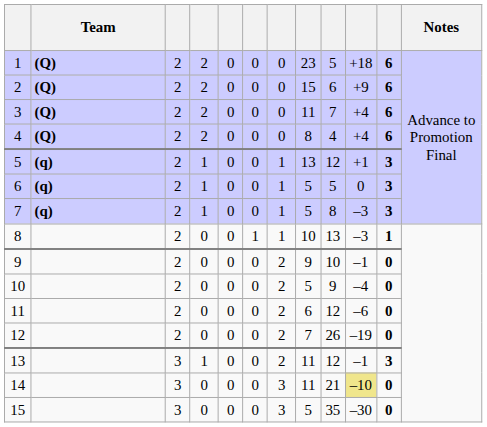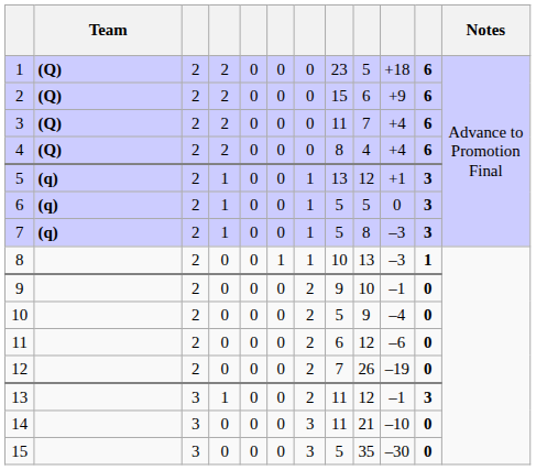 <table class="wikitable" style="text-align: center; font-size: 95%;">
 <tr>
 <th height=40 width="20"></th>
 <th width="130">Team</th>
 <th width="18"></th>
 <th width="22"></th>
 <th width="18"></th>
 <th width="18"></th>
 <th width="22"></th>
 <th width="18"></th>
 <th width="18"></th>
 <th width="25"></th>
 <th width="18"></th>
 <th width="75">Notes</th>
 </tr>
 <tr style="background-color: #ccccff">
 <td>1</td>
 <td align=left> <strong>(Q)</strong> </td>
 <td>2</td>
 <td>2</td>
 <td>0</td>
 <td>0</td>
 <td>0</td>
 <td>23</td>
 <td>5</td>
 <td>+18</td>
 <td><strong>6</strong></td>
 <td rowspan="7">Advance to<br>Promotion Final</td>
 </tr>
 <tr style="background-color: #ccccff">
 <td>2</td>
 <td align=left> <strong>(Q)</strong> </td>
 <td>2</td>
 <td>2</td>
 <td>0</td>
 <td>0</td>
 <td>0</td>
 <td>15</td>
 <td>6</td>
 <td>+9</td>
 <td><strong>6</strong></td>
 </tr>
 <tr style="background-color: #ccccff">
 <td>3</td>
 <td align=left> <strong>(Q)</strong> </td>
 <td>2</td>
 <td>2</td>
 <td>0</td>
 <td>0</td>
 <td>0</td>
 <td>11</td>
 <td>7</td>
 <td>+4</td>
 <td><strong>6</strong></td>
 </tr>
 <tr style="background-color: #ccccff; border-bottom: 2px solid grey">
 <td>4</td>
 <td align=left> <strong>(Q)</strong> </td>
 <td>2</td>
 <td>2</td>
 <td>0</td>
 <td>0</td>
 <td>0</td>
 <td>8</td>
 <td>4</td>
 <td>+4</td>
 <td><strong>6</strong></td>
 </tr>
 <tr style="background-color: #ccccff">
 <td>5</td>
 <td align=left> <strong>(q)</strong> </td>
 <td>2</td>
 <td>1</td>
 <td>0</td>
 <td>0</td>
 <td>1</td>
 <td>13</td>
 <td>12</td>
 <td>+1</td>
 <td><strong>3</strong></td>
 </tr>
 <tr style="background-color: #ccccff">
 <td>6</td>
 <td align=left> <strong>(q)</strong> </td>
 <td>2</td>
 <td>1</td>
 <td>0</td>
 <td>0</td>
 <td>1</td>
 <td>5</td>
 <td>5</td>
 <td>0</td>
 <td><strong>3</strong></td>
 </tr>
 <tr style="background-color: #ccccff">
 <td>7</td>
 <td align=left> <strong>(q)</strong> </td>
 <td>2</td>
 <td>1</td>
 <td>0</td>
 <td>0</td>
 <td>1</td>
 <td>5</td>
 <td>8</td>
 <td>–3</td>
 <td><strong>3</strong></td>
 </tr>
 <tr>
 <td>8</td>
 <td align=left> </td>
 <td>2</td>
 <td>0</td>
 <td>0</td>
 <td>1</td>
 <td>1</td>
 <td>10</td>
 <td>13</td>
 <td>–3</td>
 <td><strong>1</strong></td>
 <td rowspan="8"></td>
 </tr>
 <tr style="border-top: 2px solid grey">
 <td>9</td>
 <td align=left> </td>
 <td>2</td>
 <td>0</td>
 <td>0</td>
 <td>0</td>
 <td>2</td>
 <td>9</td>
 <td>10</td>
 <td>–1</td>
 <td><strong>0</strong></td>
 </tr>
 <tr>
 <td>10</td>
 <td align=left> </td>
 <td>2</td>
 <td>0</td>
 <td>0</td>
 <td>0</td>
 <td>2</td>
 <td>5</td>
 <td>9</td>
 <td>–4</td>
 <td><strong>0</strong></td>
 </tr>
 <tr>
 <td>11</td>
 <td align=left> </td>
 <td>2</td>
 <td>0</td>
 <td>0</td>
 <td>0</td>
 <td>2</td>
 <td>6</td>
 <td>12</td>
 <td>–6</td>
 <td><strong>0</strong></td>
 </tr>
 <tr style="border-bottom: 2px solid grey">
 <td>12</td>
 <td align=left> </td>
 <td>2</td>
 <td>0</td>
 <td>0</td>
 <td>0</td>
 <td>2</td>
 <td>7</td>
 <td>26</td>
 <td>–19</td>
 <td><strong>0</strong></td>
 </tr>
 <tr>
 <td>13</td>
 <td align=left> </td>
 <td>3</td>
 <td>1</td>
 <td>0</td>
 <td>0</td>
 <td>2</td>
 <td>11</td>
 <td>12</td>
 <td>–1</td>
 <td><strong>3</strong></td>
 </tr>
 <tr>
 <td>14</td>
 <td align=left> </td>
 <td>3</td>
 <td>0</td>
 <td>0</td>
 <td>0</td>
 <td>3</td>
 <td>11</td>
 <td>21</td>
-<td style="background: khaki;">–10</td>
+<td>–10</td>
 <td><strong>0</strong></td>
 </tr>
 <tr>
 <td>15</td>
 <td align=left> </td>
 <td>3</td>
 <td>0</td>
 <td>0</td>
 <td>0</td>
 <td>3</td>
 <td>5</td>
 <td>35</td>
 <td>–30</td>
 <td><strong>0</strong></td>
 </tr>
 </table>
